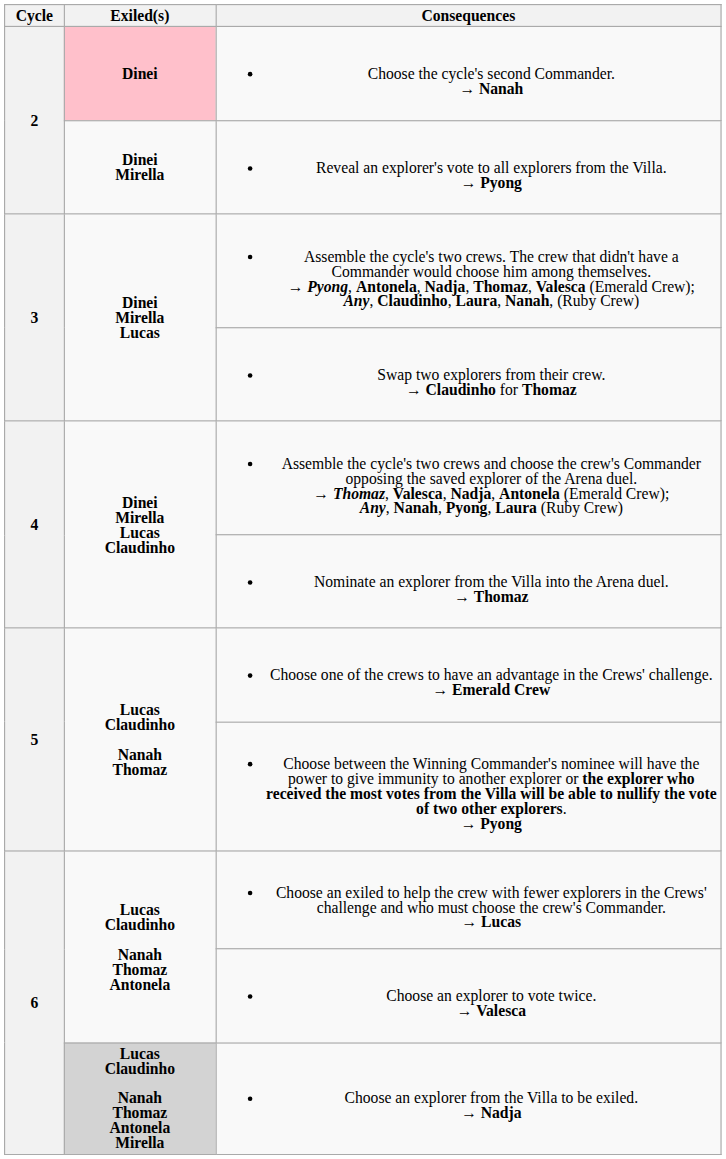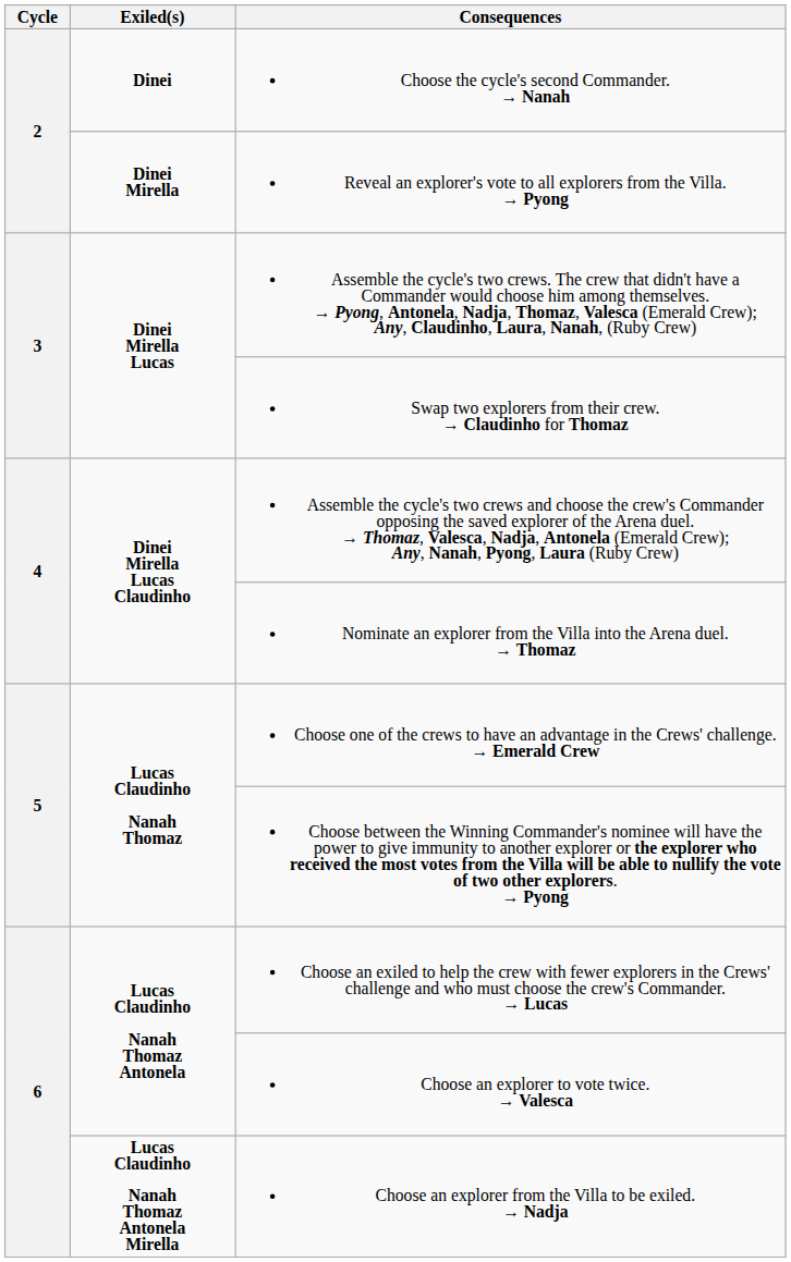 <table class="wikitable" style="text-align:center; font-size:85%; width:100%; line-height:13px">
 <tr>
 <th style="width:05%">Cycle</th>
 <th style="width:15%">Exiled(s)</th>
 <th style="width:50%">Consequences</th>
 </tr>
 <tr>
 <th rowspan=2>2</th>
-<td style="background: pink; height:75px"><strong>Dinei</strong></td>
+<td style="height:75px"><strong>Dinei</strong></td>
 <td><br><ul><li>Choose the cycle's second Commander.<br>→ <strong>Nanah</strong></li></ul></td>
 </tr>
 <tr>
 <td style="height:75px"><strong>Dinei</strong><br><strong>Mirella</strong></td>
 <td><br><ul><li>Reveal an explorer's vote to all explorers from the Villa.<br>→ <strong>Pyong</strong></li></ul></td>
 </tr>
 <tr>
 <th rowspan=2>3</th>
 <td style="height:150px" rowspan=2><strong>Dinei</strong><br><strong>Mirella</strong><br><strong>Lucas</strong></td>
 <td style="height:75px"><br><ul><li>Assemble the cycle's two crews. The crew that didn't have a Commander would choose him among themselves.<br>→ <strong><em>Pyong</em></strong>, <strong>Antonela</strong>, <strong>Nadja</strong>, <strong>Thomaz</strong>, <strong>Valesca</strong> (Emerald Crew);<br><strong><em>Any</em></strong>, <strong>Claudinho</strong>, <strong>Laura</strong>, <strong>Nanah</strong>, <strong></strong> (Ruby Crew)</li></ul></td>
 </tr>
 <tr>
 <td style="height:75px"><br><ul><li>Swap two explorers from their crew.<br>→ <strong>Claudinho</strong> for <strong>Thomaz</strong></li></ul></td>
 </tr>
 <tr>
 <th rowspan=2>4</th>
 <td style="height:150px" rowspan=2><strong>Dinei</strong><br><strong>Mirella</strong><br><strong>Lucas</strong><br><strong>Claudinho</strong><br><strong></strong></td>
 <td style="height:75px"><br><ul><li>Assemble the cycle's two crews and choose the crew's Commander opposing the saved explorer of the Arena duel.<br>→ <strong><em>Thomaz</em></strong>, <strong>Valesca</strong>, <strong>Nadja</strong>, <strong>Antonela</strong> (Emerald Crew);<br><strong><em>Any</em></strong>, <strong>Nanah</strong>, <strong>Pyong</strong>, <strong>Laura</strong> (Ruby Crew)</li></ul></td>
 </tr>
 <tr>
 <td style="height:75px"><br><ul><li>Nominate an explorer from the Villa into the Arena duel.<br>→ <strong>Thomaz</strong></li></ul></td>
 </tr>
 <tr>
 <th rowspan=2>5</th>
 <td style="height:150px" rowspan=2><strong>Lucas</strong><br><strong>Claudinho</strong><br><strong></strong><br><strong>Nanah</strong><br><strong>Thomaz</strong></td>
 <td style="height:75px"><br><ul><li>Choose one of the crews to have an advantage in the Crews' challenge.<br>→ <strong>Emerald Crew</strong></li></ul></td>
 </tr>
 <tr>
 <td style="height:75px"><br><ul><li>Choose between the Winning Commander's nominee will have the power to give immunity to another explorer or <strong>the explorer who received the most votes from the Villa will be able to nullify the vote of two other explorers</strong>.<br>→ <strong>Pyong</strong></li></ul></td>
 </tr>
 <tr>
 <th style="height:225px" rowspan=3>6</th>
 <td style="height:150px" rowspan=2><strong>Lucas</strong><br><strong>Claudinho</strong><br><strong></strong><br><strong>Nanah</strong><br><strong>Thomaz</strong><br><strong>Antonela</strong></td>
 <td style="height:75px"><br><ul><li>Choose an exiled to help the crew with fewer explorers in the Crews' challenge and who must choose the crew's Commander.<br>→ <strong>Lucas</strong></li></ul></td>
 </tr>
 <tr>
 <td style="height:75px"><br><ul><li>Choose an explorer to vote twice.<br>→ <strong>Valesca</strong></li></ul></td>
 </tr>
 <tr>
-<td style="background: lightgrey; height:75px"><strong>Lucas</strong><br><strong>Claudinho</strong><br><strong></strong><br><strong>Nanah</strong><br><strong>Thomaz</strong><br><strong>Antonela</strong><br><strong>Mirella</strong></td>
+<td style="height:75px"><strong>Lucas</strong><br><strong>Claudinho</strong><br><strong></strong><br><strong>Nanah</strong><br><strong>Thomaz</strong><br><strong>Antonela</strong><br><strong>Mirella</strong></td>
 <td><br><ul><li>Choose an explorer from the Villa to be exiled.<br>→ <strong>Nadja</strong></li></ul></td>
 </tr>
 </table>
